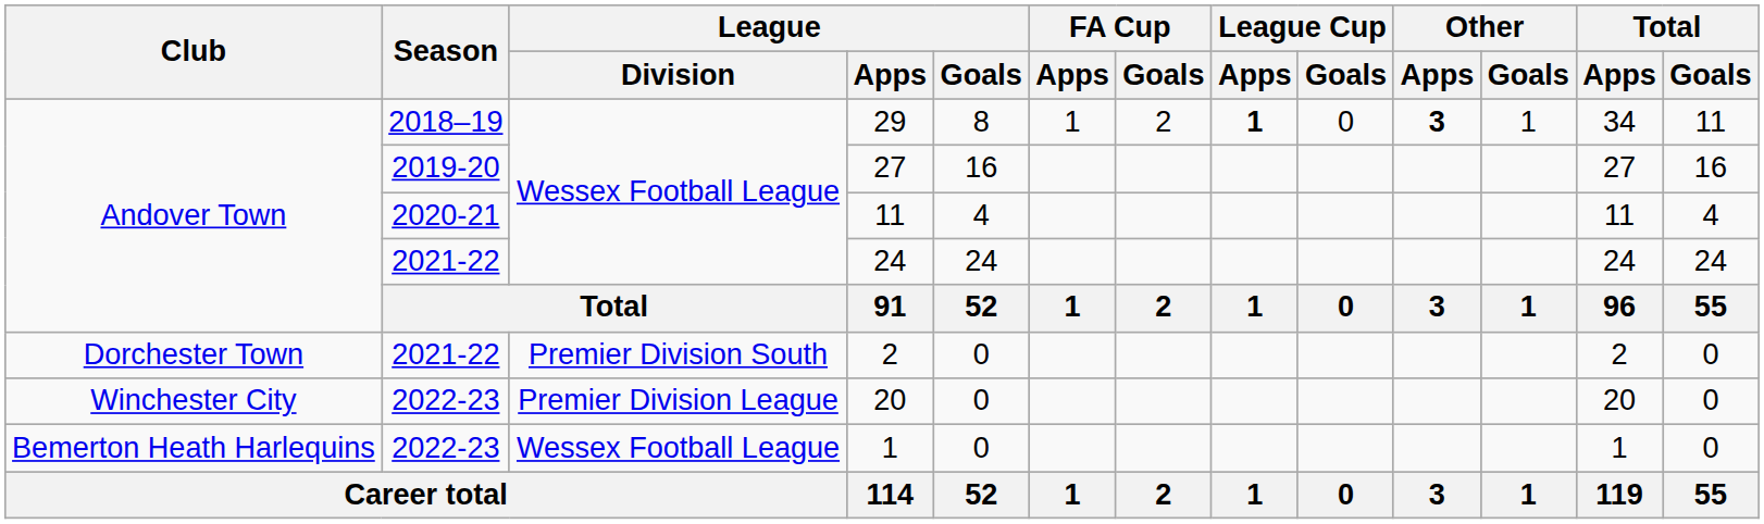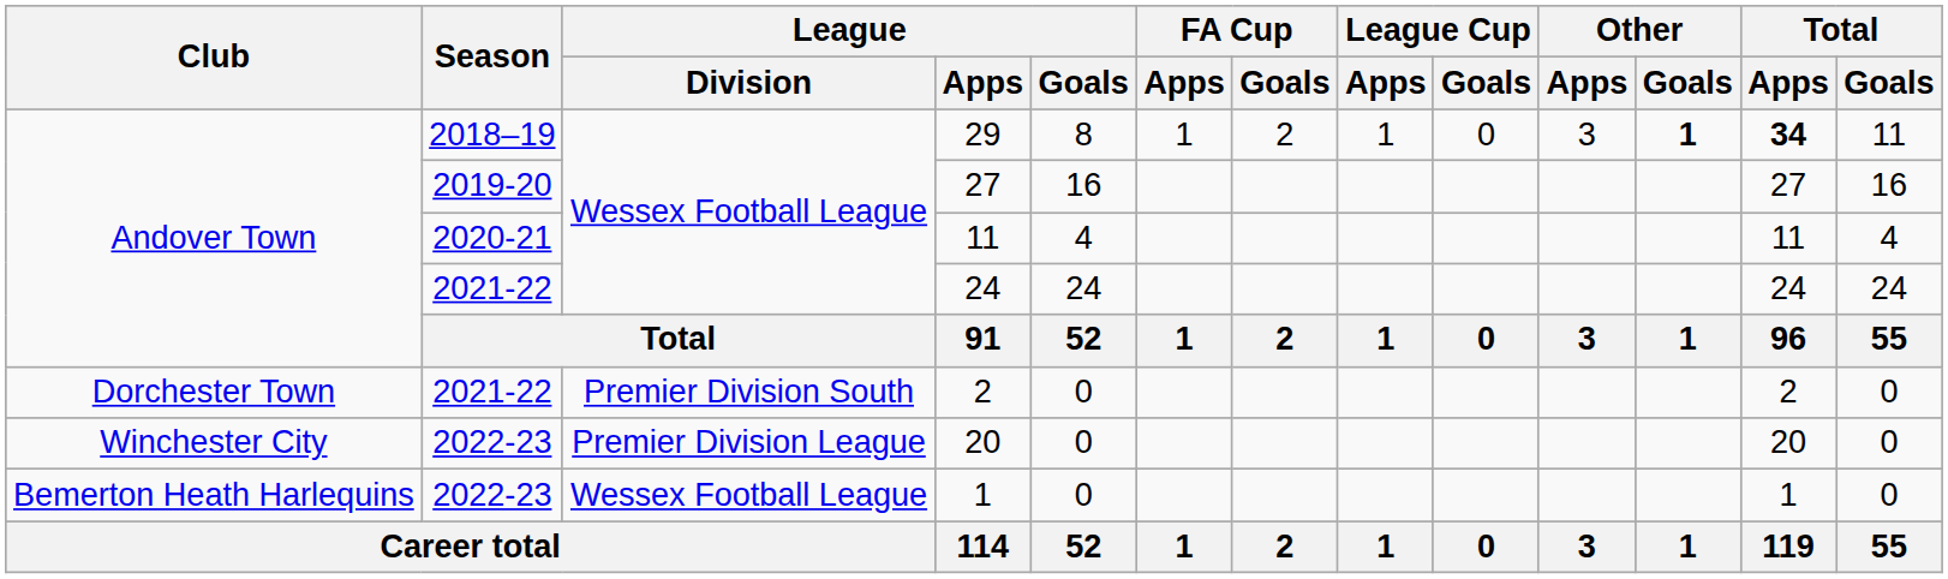 <table class="wikitable" style="text-align:center">
 <tr>
 <th rowspan="2">Club</th>
 <th rowspan="2">Season</th>
 <th colspan="3">League</th>
 <th colspan="2">FA Cup</th>
 <th colspan="2">League Cup</th>
 <th colspan="2">Other</th>
 <th colspan="2">Total</th>
 </tr>
 <tr>
 <th>Division</th>
 <th>Apps</th>
 <th>Goals</th>
 <th>Apps</th>
 <th>Goals</th>
 <th>Apps</th>
 <th>Goals</th>
 <th>Apps</th>
 <th>Goals</th>
 <th>Apps</th>
 <th>Goals</th>
 </tr>
 <tr>
 <td rowspan=5><a href='#'>Andover Town</a></td>
 <td><a href='#'>2018–19</a></td>
 <td rowspan=4><a href='#'>Wessex Football League</a></td>
 <td>29</td>
 <td>8</td>
 <td>1</td>
 <td>2</td>
+<td>1</td>
+<td>0</td>
+<td>3</td>
 <td><strong>1</strong></td>
-<td>0</td>
-<td><strong>3</strong></td>
-<td>1</td>
-<td>34</td>
+<td><strong>34</strong></td>
 <td>11</td>
 </tr>
 <tr>
 <td><a href='#'>2019-20</a></td>
 <td>27</td>
 <td>16</td>
 <td></td>
 <td></td>
 <td></td>
 <td></td>
 <td></td>
 <td></td>
 <td>27</td>
 <td>16</td>
 </tr>
 <tr>
 <td><a href='#'>2020-21</a></td>
 <td>11</td>
 <td>4</td>
 <td></td>
 <td></td>
 <td></td>
 <td></td>
 <td></td>
 <td></td>
 <td>11</td>
 <td>4</td>
 </tr>
 <tr>
 <td><a href='#'>2021-22</a></td>
 <td>24</td>
 <td>24</td>
 <td></td>
 <td></td>
 <td></td>
 <td></td>
 <td></td>
 <td></td>
 <td>24</td>
 <td>24</td>
 </tr>
 <tr>
 <th colspan=2>Total</th>
 <th>91</th>
 <th>52</th>
 <th>1</th>
 <th>2</th>
 <th>1</th>
 <th>0</th>
 <th>3</th>
 <th>1</th>
 <th>96</th>
 <th>55</th>
 </tr>
 <tr>
 <td><a href='#'>Dorchester Town</a></td>
 <td><a href='#'>2021-22</a></td>
 <td><a href='#'>Premier Division South</a></td>
 <td>2</td>
 <td>0</td>
 <td></td>
 <td></td>
 <td></td>
 <td></td>
 <td></td>
 <td></td>
 <td>2</td>
 <td>0</td>
 </tr>
 <tr>
 <td><a href='#'>Winchester City</a></td>
 <td><a href='#'>2022-23</a></td>
 <td><a href='#'>Premier Division League</a></td>
 <td>20</td>
 <td>0</td>
 <td></td>
 <td></td>
 <td></td>
 <td></td>
 <td></td>
 <td></td>
 <td>20</td>
 <td>0</td>
 </tr>
 <tr>
 <td><a href='#'>Bemerton Heath Harlequins</a></td>
 <td><a href='#'>2022-23</a></td>
 <td><a href='#'>Wessex Football League</a></td>
 <td>1</td>
 <td>0</td>
 <td></td>
 <td></td>
 <td></td>
 <td></td>
 <td></td>
 <td></td>
 <td>1</td>
 <td>0</td>
 </tr>
 <tr>
 <th colspan="3">Career total</th>
 <th>114</th>
 <th>52</th>
 <th>1</th>
 <th>2</th>
 <th>1</th>
 <th>0</th>
 <th>3</th>
 <th>1</th>
 <th>119</th>
 <th>55</th>
 </tr>
 </table>
